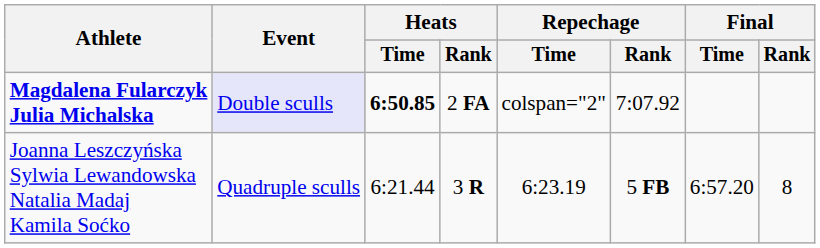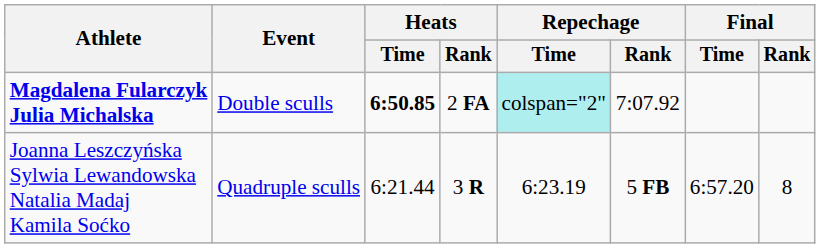 <table class="wikitable" style="font-size:90%">
 <tr>
 <th rowspan="2">Athlete</th>
 <th rowspan="2">Event</th>
 <th colspan="2">Heats</th>
 <th colspan="2">Repechage</th>
 <th colspan="2">Final</th>
 </tr>
 <tr style="font-size:95%">
 <th>Time</th>
 <th>Rank</th>
 <th>Time</th>
 <th>Rank</th>
 <th>Time</th>
 <th>Rank</th>
 </tr>
 <tr align=center>
 <td align=left><strong><a href='#'>Magdalena Fularczyk</a><br><a href='#'>Julia Michalska</a></strong></td>
-<td align=left style="background: lavender;"><a href='#'>Double sculls</a></td>
+<td align=left><a href='#'>Double sculls</a></td>
 <td><strong>6:50.85</strong></td>
 <td>2 <strong>FA</strong></td>
-<td>colspan="2" </td>
+<td style="background: paleturquoise;">colspan="2" </td>
 <td>7:07.92</td>
 <td></td>
 </tr>
 <tr align=center>
 <td align=left><a href='#'>Joanna Leszczyńska</a><br><a href='#'>Sylwia Lewandowska</a><br><a href='#'>Natalia Madaj</a><br><a href='#'>Kamila Soćko</a></td>
 <td align=left><a href='#'>Quadruple sculls</a></td>
 <td>6:21.44</td>
 <td>3 <strong>R</strong></td>
 <td>6:23.19</td>
 <td>5 <strong>FB</strong></td>
 <td>6:57.20</td>
 <td>8</td>
 </tr>
 </table>
